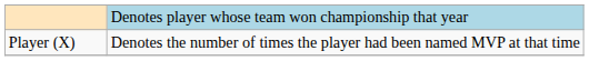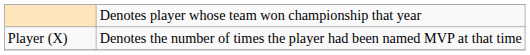 <table class="wikitable">
 <tr>
 </tr>
 <tr>
 <td style="background-color:#FFE6BD; border:1px solid #aaaaaa; width:6em"></td>
-<td style="background: lightblue;">Denotes player whose team won championship that year</td>
+<td>Denotes player whose team won championship that year</td>
 </tr>
 <tr>
 <td>Player (X)</td>
 <td>Denotes the number of times the player had been named MVP at that time</td>
 </tr>
 <tr>
 </tr>
 </table>
